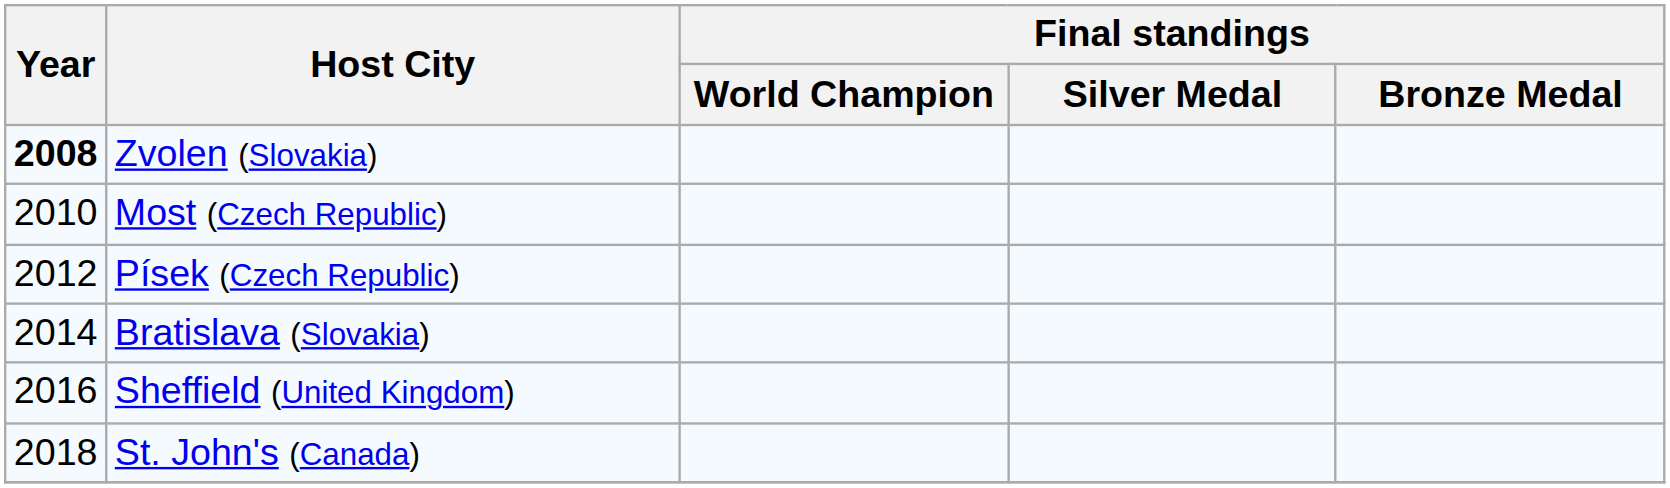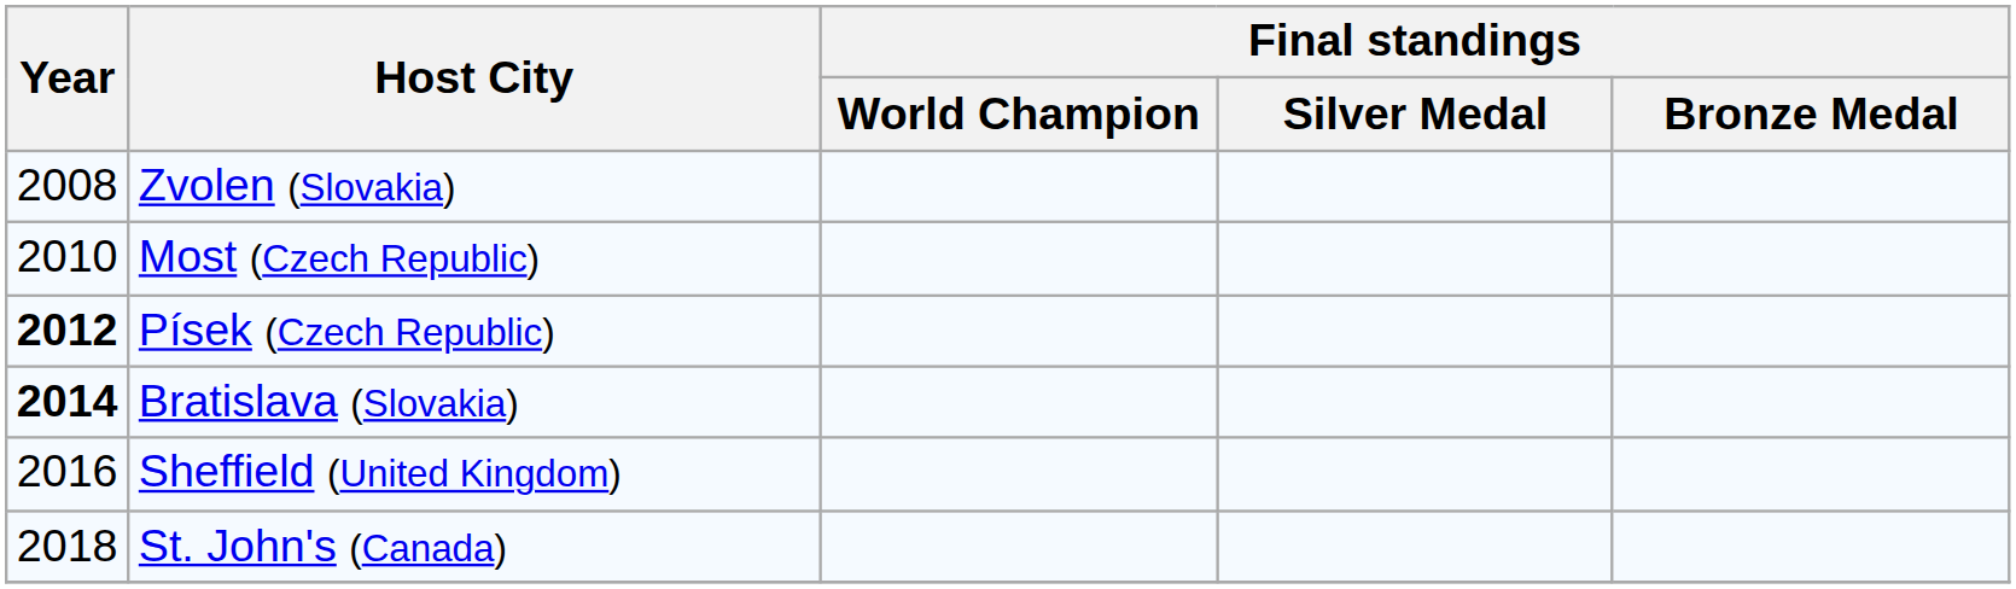 <table class="wikitable zebra" style="text-align:left; background-color:#F5FAFF; width:80%">
 <tr class="hintergrundfarbe5">
 <th rowspan="2" style="width:5%">Year</th>
 <th rowspan="2" style="width:35%">Host City</th>
 <th colspan="4">Final standings</th>
 </tr>
 <tr>
 <th style="width:20%">World Champion</th>
 <th style="width:20%">Silver Medal</th>
 <th style="width:20%">Bronze Medal</th>
 </tr>
 <tr>
-<td><strong>2008</strong></td>
+<td>2008</td>
 <td><a href='#'>Zvolen</a> <small>(<a href='#'>Slovakia</a>)</small></td>
 <td></td>
 <td></td>
 <td></td>
 </tr>
 <tr>
 <td>2010</td>
 <td><a href='#'>Most</a> <small>(<a href='#'>Czech Republic</a>)</small></td>
 <td></td>
 <td></td>
 <td></td>
 </tr>
 <tr>
-<td>2012</td>
+<td><strong>2012</strong></td>
 <td><a href='#'>Písek</a> <small>(<a href='#'>Czech Republic</a>)</small></td>
 <td></td>
 <td></td>
 <td></td>
 </tr>
 <tr>
-<td>2014</td>
+<td><strong>2014</strong></td>
 <td><a href='#'>Bratislava</a> <small>(<a href='#'>Slovakia</a>)</small></td>
 <td></td>
 <td></td>
 <td></td>
 </tr>
 <tr>
 <td>2016</td>
 <td><a href='#'>Sheffield</a> <small>(<a href='#'>United Kingdom</a>)</small></td>
 <td></td>
 <td></td>
 <td></td>
 </tr>
 <tr>
 <td>2018</td>
 <td><a href='#'>St. John's</a> <small>(<a href='#'>Canada</a>)</small></td>
 <td></td>
 <td></td>
 <td></td>
 </tr>
 <tr>
 </tr>
 </table>
